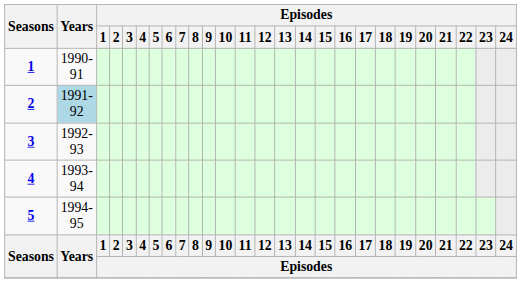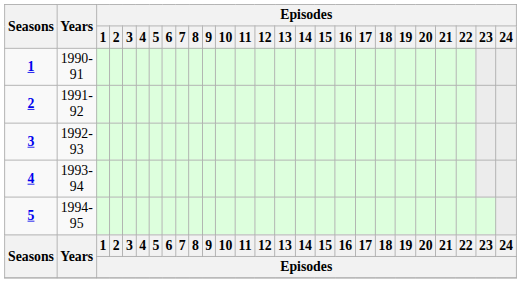 <table class="wikitable" style="text-align:center; margin:auto; width:5%;">
 <tr>
 <th colspan="1" rowspan="2" style="text-align:center;">Seasons</th>
 <th colspan="1" rowspan="2" style="text-align:center;">Years</th>
 <th colspan="24"  style="text-align:center;">Episodes</th>
 </tr>
 <tr>
 <th colspan="1" style="text-align:center;">1</th>
 <th colspan="1" style="text-align:center;">2</th>
 <th colspan="1" style="text-align:center;">3</th>
 <th colspan="1" style="text-align:center;">4</th>
 <th colspan="1" style="text-align:center;">5</th>
 <th colspan="1" style="text-align:center;">6</th>
 <th colspan="1" style="text-align:center;">7</th>
 <th colspan="1" style="text-align:center;">8</th>
 <th colspan="1" style="text-align:center;">9</th>
 <th colspan="1" style="text-align:center;">10</th>
 <th colspan="1" style="text-align:center;">11</th>
 <th colspan="1" style="text-align:center;">12</th>
 <th colspan="1" style="text-align:center;">13</th>
 <th colspan="1" style="text-align:center;">14</th>
 <th colspan="1" style="text-align:center;">15</th>
 <th colspan="1" style="text-align:center;">16</th>
 <th colspan="1" style="text-align:center;">17</th>
 <th colspan="1" style="text-align:center;">18</th>
 <th colspan="1" style="text-align:center;">19</th>
 <th colspan="1" style="text-align:center;">20</th>
 <th colspan="1" style="text-align:center;">21</th>
 <th colspan="1" style="text-align:center;">22</th>
 <th colspan="1" style="text-align:center;">23</th>
 <th colspan="1" style="text-align:center;">24</th>
 </tr>
 <tr>
 <td><strong><a href='#'>1</a></strong></td>
 <td>1990-91</td>
 <td colspan="1" style="background:#dfd; text-align:center;"></td>
 <td colspan="1" style="background:#dfd; text-align:center;"></td>
 <td colspan="1" style="background:#dfd; text-align:center;"></td>
 <td colspan="1" style="background:#dfd; text-align:center;"></td>
 <td colspan="1" style="background:#dfd; text-align:center;"></td>
 <td colspan="1" style="background:#dfd; text-align:center;"></td>
 <td colspan="1" style="background:#dfd; text-align:center;"></td>
 <td colspan="1" style="background:#dfd; text-align:center;"></td>
 <td colspan="1" style="background:#dfd; text-align:center;"></td>
 <td colspan="1" style="background:#dfd; text-align:center;"></td>
 <td colspan="1" style="background:#dfd; text-align:center;"></td>
 <td colspan="1" style="background:#dfd; text-align:center;"></td>
 <td colspan="1" style="background:#dfd; text-align:center;"></td>
 <td colspan="1" style="background:#dfd; text-align:center;"></td>
 <td colspan="1" style="background:#dfd; text-align:center;"></td>
 <td colspan="1" style="background:#dfd; text-align:center;"></td>
 <td colspan="1" style="background:#dfd; text-align:center;"></td>
 <td colspan="1" style="background:#dfd; text-align:center;"></td>
 <td colspan="1" style="background:#dfd; text-align:center;"></td>
 <td colspan="1" style="background:#dfd; text-align:center;"></td>
 <td colspan="1" style="background:#dfd; text-align:center;"></td>
 <td colspan="1" style="background:#dfd; text-align:center;"></td>
 <td colspan="1" style="background:#ececec; color:gray; vertical-align:middle; text-align:center;" class="table-na"></td>
 <td colspan="1" style="background:#ececec; color:gray; vertical-align:middle; text-align:center;" class="table-na"></td>
 </tr>
 <tr>
 <td><strong><a href='#'>2</a></strong></td>
-<td style="background: lightblue;">1991-92</td>
+<td>1991-92</td>
 <td colspan="1" style="background:#dfd; text-align:center;"></td>
 <td colspan="1" style="background:#dfd; text-align:center;"></td>
 <td colspan="1" style="background:#dfd; text-align:center;"></td>
 <td colspan="1" style="background:#dfd; text-align:center;"></td>
 <td colspan="1" style="background:#dfd; text-align:center;"></td>
 <td colspan="1" style="background:#dfd; text-align:center;"></td>
 <td colspan="1" style="background:#dfd; text-align:center;"></td>
 <td colspan="1" style="background:#dfd; text-align:center;"></td>
 <td colspan="1" style="background:#dfd; text-align:center;"></td>
 <td colspan="1" style="background:#dfd; text-align:center;"></td>
 <td colspan="1" style="background:#dfd; text-align:center;"></td>
 <td colspan="1" style="background:#dfd; text-align:center;"></td>
 <td colspan="1" style="background:#dfd; text-align:center;"></td>
 <td colspan="1" style="background:#dfd; text-align:center;"></td>
 <td colspan="1" style="background:#dfd; text-align:center;"></td>
 <td colspan="1" style="background:#dfd; text-align:center;"></td>
 <td colspan="1" style="background:#dfd; text-align:center;"></td>
 <td colspan="1" style="background:#dfd; text-align:center;"></td>
 <td colspan="1" style="background:#dfd; text-align:center;"></td>
 <td colspan="1" style="background:#dfd; text-align:center;"></td>
 <td colspan="1" style="background:#dfd; text-align:center;"></td>
 <td colspan="1" style="background:#dfd; text-align:center;"></td>
 <td colspan="1" style="background:#ececec; color:gray; vertical-align:middle; text-align:center;" class="table-na"></td>
 <td colspan="1" style="background:#ececec; color:gray; vertical-align:middle; text-align:center;" class="table-na"></td>
 </tr>
 <tr>
 <td><strong><a href='#'>3</a></strong></td>
 <td>1992-93</td>
 <td colspan="1" style="background:#dfd; text-align:center;"></td>
 <td colspan="1" style="background:#dfd; text-align:center;"></td>
 <td colspan="1" style="background:#dfd; text-align:center;"></td>
 <td colspan="1" style="background:#dfd; text-align:center;"></td>
 <td colspan="1" style="background:#dfd; text-align:center;"></td>
 <td colspan="1" style="background:#dfd; text-align:center;"></td>
 <td colspan="1" style="background:#dfd; text-align:center;"></td>
 <td colspan="1" style="background:#dfd; text-align:center;"></td>
 <td colspan="1" style="background:#dfd; text-align:center;"></td>
 <td colspan="1" style="background:#dfd; text-align:center;"></td>
 <td colspan="1" style="background:#dfd; text-align:center;"></td>
 <td colspan="1" style="background:#dfd; text-align:center;"></td>
 <td colspan="1" style="background:#dfd; text-align:center;"></td>
 <td colspan="1" style="background:#dfd; text-align:center;"></td>
 <td colspan="1" style="background:#dfd; text-align:center;"></td>
 <td colspan="1" style="background:#dfd; text-align:center;"></td>
 <td colspan="1" style="background:#dfd; text-align:center;"></td>
 <td colspan="1" style="background:#dfd; text-align:center;"></td>
 <td colspan="1" style="background:#dfd; text-align:center;"></td>
 <td colspan="1" style="background:#dfd; text-align:center;"></td>
 <td colspan="1" style="background:#dfd; text-align:center;"></td>
 <td colspan="1" style="background:#dfd; text-align:center;"></td>
 <td colspan="1" style="background:#ececec; color:gray; vertical-align:middle; text-align:center;" class="table-na"></td>
 <td colspan="1" style="background:#ececec; color:gray; vertical-align:middle; text-align:center;" class="table-na"></td>
 </tr>
 <tr>
 <td><strong><a href='#'>4</a></strong></td>
 <td>1993-94</td>
 <td colspan="1" style="background:#dfd; text-align:center;"></td>
 <td colspan="1" style="background:#dfd; text-align:center;"></td>
 <td colspan="1" style="background:#dfd; text-align:center;"></td>
 <td colspan="1" style="background:#dfd; text-align:center;"></td>
 <td colspan="1" style="background:#dfd; text-align:center;"></td>
 <td colspan="1" style="background:#dfd; text-align:center;"></td>
 <td colspan="1" style="background:#dfd; text-align:center;"></td>
 <td colspan="1" style="background:#dfd; text-align:center;"></td>
 <td colspan="1" style="background:#dfd; text-align:center;"></td>
 <td colspan="1" style="background:#dfd; text-align:center;"></td>
 <td colspan="1" style="background:#dfd; text-align:center;"></td>
 <td colspan="1" style="background:#dfd; text-align:center;"></td>
 <td colspan="1" style="background:#dfd; text-align:center;"></td>
 <td colspan="1" style="background:#dfd; text-align:center;"></td>
 <td colspan="1" style="background:#dfd; text-align:center;"></td>
 <td colspan="1" style="background:#dfd; text-align:center;"></td>
 <td colspan="1" style="background:#dfd; text-align:center;"></td>
 <td colspan="1" style="background:#dfd; text-align:center;"></td>
 <td colspan="1" style="background:#dfd; text-align:center;"></td>
 <td colspan="1" style="background:#dfd; text-align:center;"></td>
 <td colspan="1" style="background:#dfd; text-align:center;"></td>
 <td colspan="1" style="background:#dfd; text-align:center;"></td>
 <td colspan="1" style="background:#ececec; color:gray; vertical-align:middle; text-align:center;" class="table-na"></td>
 <td colspan="1" style="background:#ececec; color:gray; vertical-align:middle; text-align:center;" class="table-na"></td>
 </tr>
 <tr>
 <td><strong><a href='#'>5</a></strong></td>
 <td>1994-95</td>
 <td colspan="1" style="background:#dfd; text-align:center;"></td>
 <td colspan="1" style="background:#dfd; text-align:center;"></td>
 <td colspan="1" style="background:#dfd; text-align:center;"></td>
 <td colspan="1" style="background:#dfd; text-align:center;"></td>
 <td colspan="1" style="background:#dfd; text-align:center;"></td>
 <td colspan="1" style="background:#dfd; text-align:center;"></td>
 <td colspan="1" style="background:#dfd; text-align:center;"></td>
 <td colspan="1" style="background:#dfd; text-align:center;"></td>
 <td colspan="1" style="background:#dfd; text-align:center;"></td>
 <td colspan="1" style="background:#dfd; text-align:center;"></td>
 <td colspan="1" style="background:#dfd; text-align:center;"></td>
 <td colspan="1" style="background:#dfd; text-align:center;"></td>
 <td colspan="1" style="background:#dfd; text-align:center;"></td>
 <td colspan="1" style="background:#dfd; text-align:center;"></td>
 <td colspan="1" style="background:#dfd; text-align:center;"></td>
 <td colspan="1" style="background:#dfd; text-align:center;"></td>
 <td colspan="1" style="background:#dfd; text-align:center;"></td>
 <td colspan="1" style="background:#dfd; text-align:center;"></td>
 <td colspan="1" style="background:#dfd; text-align:center;"></td>
 <td colspan="1" style="background:#dfd; text-align:center;"></td>
 <td colspan="1" style="background:#dfd; text-align:center;"></td>
 <td colspan="1" style="background:#dfd; text-align:center;"></td>
 <td colspan="1" style="background:#dfd; text-align:center;"></td>
 <td colspan="1" style="background:#ececec; color:gray; vertical-align:middle; text-align:center;" class="table-na"></td>
 </tr>
 <tr>
 <th rowspan="2" colspan="1" style="text-align:center;">Seasons</th>
 <th colspan="1" rowspan="2" style="text-align:center;">Years</th>
 <th colspan="1" style="text-align:center;">1</th>
 <th colspan="1" style="text-align:center;">2</th>
 <th colspan="1" style="text-align:center;">3</th>
 <th colspan="1" style="text-align:center;">4</th>
 <th colspan="1" style="text-align:center;">5</th>
 <th colspan="1" style="text-align:center;">6</th>
 <th colspan="1" style="text-align:center;">7</th>
 <th colspan="1" style="text-align:center;">8</th>
 <th colspan="1" style="text-align:center;">9</th>
 <th colspan="1" style="text-align:center;">10</th>
 <th colspan="1" style="text-align:center;">11</th>
 <th colspan="1" style="text-align:center;">12</th>
 <th colspan="1" style="text-align:center;">13</th>
 <th colspan="1" style="text-align:center;">14</th>
 <th colspan="1" style="text-align:center;">15</th>
 <th colspan="1" style="text-align:center;">16</th>
 <th colspan="1" style="text-align:center;">17</th>
 <th colspan="1" style="text-align:center;">18</th>
 <th colspan="1" style="text-align:center;">19</th>
 <th colspan="1" style="text-align:center;">20</th>
 <th colspan="1" style="text-align:center;">21</th>
 <th colspan="1" style="text-align:center;">22</th>
 <th colspan="1" style="text-align:center;">23</th>
 <th colspan="1" style="text-align:center;">24</th>
 </tr>
 <tr>
 <th colspan="24"  style="text-align:center;">Episodes</th>
 </tr>
 <tr>
 </tr>
 </table>
